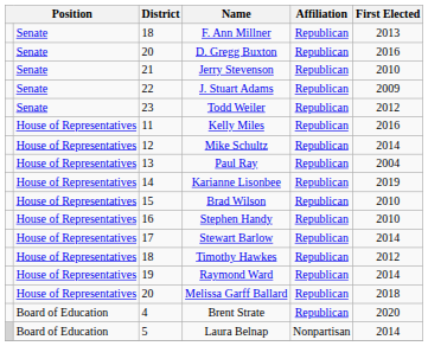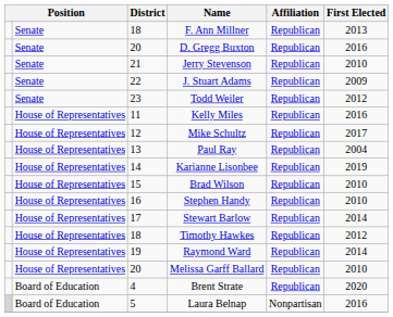 <table class="wikitable">
 <tr>
 <th colspan="2" style="text-align:center; vertical-align:bottom;">Position</th>
 <th>District</th>
 <th style="text-align:center;">Name</th>
 <th valign="bottom">Affiliation</th>
 <th style="vertical-align:bottom; text-align:center;">First Elected</th>
 </tr>
 <tr>
 <td style="background-color:"> </td>
 <td><a href='#'>Senate</a></td>
 <td>18</td>
 <td style="text-align:center;"><a href='#'>F. Ann Millner</a></td>
 <td style="text-align:center;"><a href='#'>Republican</a></td>
 <td style="text-align:center;">2013</td>
 </tr>
 <tr>
 <td style="background-color:"> </td>
 <td><a href='#'>Senate</a></td>
 <td>20</td>
 <td style="text-align:center;"><a href='#'>D. Gregg Buxton</a></td>
 <td style="text-align:center;"><a href='#'>Republican</a></td>
 <td style="text-align:center;">2016</td>
 </tr>
 <tr>
 <td style="background-color:"> </td>
 <td><a href='#'>Senate</a></td>
 <td>21</td>
 <td style="text-align:center;"><a href='#'>Jerry Stevenson</a></td>
 <td style="text-align:center;"><a href='#'>Republican</a></td>
 <td style="text-align:center;">2010</td>
 </tr>
 <tr>
 <td style="background-color:"> </td>
 <td><a href='#'>Senate</a></td>
 <td>22</td>
 <td style="text-align:center;"><a href='#'>J. Stuart Adams</a></td>
 <td style="text-align:center;"><a href='#'>Republican</a></td>
 <td style="text-align:center;">2009</td>
 </tr>
 <tr>
 <td style="background-color:"> </td>
 <td><a href='#'>Senate</a></td>
 <td>23</td>
 <td style="text-align:center;"><a href='#'>Todd Weiler</a></td>
 <td style="text-align:center;"><a href='#'>Republican</a></td>
 <td style="text-align:center;">2012</td>
 </tr>
 <tr>
 <td style="background-color:"> </td>
 <td><a href='#'>House of Representatives</a></td>
 <td>11</td>
 <td style="text-align:center;"><a href='#'>Kelly Miles</a></td>
 <td style="text-align:center;"><a href='#'>Republican</a></td>
 <td style="text-align:center;">2016</td>
 </tr>
 <tr>
 <td style="background-color:"> </td>
 <td><a href='#'>House of Representatives</a></td>
 <td>12</td>
 <td style="text-align:center;"><a href='#'>Mike Schultz</a></td>
 <td style="text-align:center;"><a href='#'>Republican</a></td>
-<td style="text-align:center;">2014</td>
+<td style="text-align:center;">2017</td>
 </tr>
 <tr>
 <td style="background-color:"> </td>
 <td><a href='#'>House of Representatives</a></td>
 <td>13</td>
 <td style="text-align:center;"><a href='#'>Paul Ray</a></td>
 <td style="text-align:center;"><a href='#'>Republican</a></td>
 <td style="text-align:center;">2004</td>
 </tr>
 <tr>
 <td style="background-color:"> </td>
 <td><a href='#'>House of Representatives</a></td>
 <td>14</td>
 <td style="text-align:center;"><a href='#'>Karianne Lisonbee</a></td>
 <td style="text-align:center;"><a href='#'>Republican</a></td>
 <td style="text-align:center;">2019</td>
 </tr>
 <tr>
 <td style="background-color:"> </td>
 <td><a href='#'>House of Representatives</a></td>
 <td>15</td>
 <td style="text-align:center;"><a href='#'>Brad Wilson</a></td>
 <td style="text-align:center;"><a href='#'>Republican</a></td>
 <td style="text-align:center;">2010</td>
 </tr>
 <tr>
 <td style="background-color:"> </td>
 <td><a href='#'>House of Representatives</a></td>
 <td>16</td>
 <td style="text-align:center;"><a href='#'>Stephen Handy</a></td>
 <td style="text-align:center;"><a href='#'>Republican</a></td>
 <td style="text-align:center;">2010</td>
 </tr>
 <tr>
 <td style="background-color:"> </td>
 <td><a href='#'>House of Representatives</a></td>
 <td>17</td>
 <td style="text-align:center;"><a href='#'>Stewart Barlow</a></td>
 <td style="text-align:center;"><a href='#'>Republican</a></td>
 <td style="text-align:center;">2014</td>
 </tr>
 <tr>
 <td style="background-color:"> </td>
 <td><a href='#'>House of Representatives</a></td>
 <td>18</td>
 <td style="text-align:center;"><a href='#'>Timothy Hawkes</a></td>
 <td style="text-align:center;"><a href='#'>Republican</a></td>
 <td style="text-align:center;">2012</td>
 </tr>
 <tr>
 <td style="background-color:"> </td>
 <td><a href='#'>House of Representatives</a></td>
 <td>19</td>
 <td style="text-align:center;"><a href='#'>Raymond Ward</a></td>
 <td style="text-align:center;"><a href='#'>Republican</a></td>
 <td style="text-align:center;">2014</td>
 </tr>
 <tr>
 <td style="background-color:"> </td>
 <td><a href='#'>House of Representatives</a></td>
 <td>20</td>
 <td style="text-align:center;"><a href='#'>Melissa Garff Ballard</a></td>
 <td style="text-align:center;"><a href='#'>Republican</a></td>
-<td style="text-align:center;">2018</td>
+<td style="text-align:center;">2010</td>
 </tr>
 <tr>
 <td style="background-color:"> </td>
 <td>Board of Education</td>
 <td>4</td>
 <td style="text-align:center;">Brent Strate</td>
 <td style="text-align:center;"><a href='#'>Republican</a></td>
 <td style="text-align:center;">2020</td>
 </tr>
 <tr>
 <td style="background-color:lightgrey"> </td>
 <td>Board of Education</td>
 <td>5</td>
 <td style="text-align:center;">Laura Belnap</td>
 <td style="text-align:center;">Nonpartisan</td>
-<td style="text-align:center;">2014</td>
+<td style="text-align:center;">2016</td>
 </tr>
 <tr>
 </tr>
 </table>
